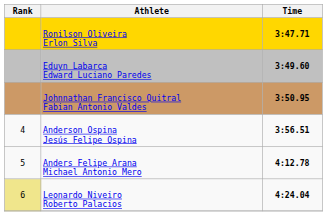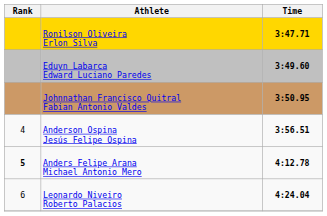 <table class="wikitable" width=40% style="text-align:center">
 <tr>
 <th>Rank</th>
 <th>Athlete</th>
 <th>Time</th>
 </tr>
 <tr bgcolor=gold>
 <td></td>
 <td align=left><br><a href='#'>Ronilson Oliveira</a><br><a href='#'>Erlon Silva</a></td>
 <td><strong>3:47.71</strong></td>
 </tr>
 <tr bgcolor=silver>
 <td></td>
 <td align=left><br><a href='#'>Eduyn Labarca</a><br><a href='#'>Edward Luciano Paredes</a></td>
 <td><strong>3:49.60</strong></td>
 </tr>
 <tr bgcolor=cc9966>
 <td></td>
 <td align=left><br><a href='#'>Johnnathan Francisco Quitral</a><br><a href='#'>Fabian Antonio Valdes</a></td>
 <td><strong>3:50.95</strong></td>
 </tr>
 <tr>
 <td>4</td>
 <td align=left><br><a href='#'>Anderson Ospina</a><br><a href='#'>Jesús Felipe Ospina</a></td>
 <td><strong>3:56.51</strong></td>
 </tr>
 <tr>
-<td>5</td>
+<td><strong>5</strong></td>
 <td align=left><br><a href='#'>Anders Felipe Arana</a><br><a href='#'>Michael Antonio Mero</a></td>
 <td><strong>4:12.78</strong></td>
 </tr>
 <tr>
-<td style="background: khaki;">6</td>
+<td>6</td>
 <td align=left><br><a href='#'>Leonardo Niveiro</a><br><a href='#'>Roberto Palacios</a></td>
 <td><strong>4:24.04</strong></td>
 </tr>
 <tr>
 </tr>
 </table>
